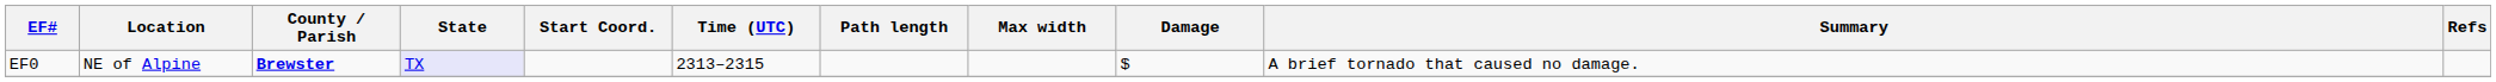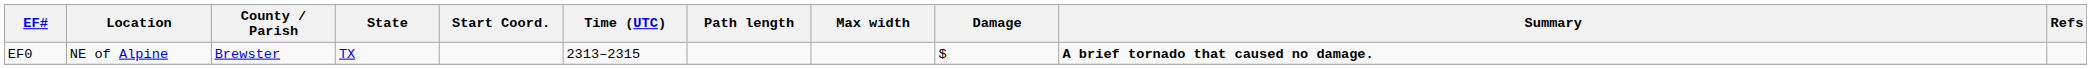 <table class="wikitable sortable" style="width:100%;">
 <tr>
 <th scope="col" width="3%" align="center"><a href='#'>EF#</a></th>
 <th scope="col" width="7%" align="center" class="unsortable">Location</th>
 <th scope="col" width="6%" align="center" class="unsortable">County / Parish</th>
 <th scope="col" width="5%" align="center">State</th>
 <th scope="col" width="6%" align="center">Start Coord.</th>
 <th scope="col" width="6%" align="center">Time (<a href='#'>UTC</a>)</th>
 <th scope="col" width="6%" align="center">Path length</th>
 <th scope="col" width="6%" align="center">Max width</th>
 <th scope="col" width="6%" align="center">Damage</th>
 <th scope="col" width="48%" class="unsortable" align="center">Summary</th>
 <th scope="col" width="48%" class="unsortable" align="center">Refs</th>
 </tr>
 <tr>
 <td>EF0</td>
 <td>NE of <a href='#'>Alpine</a></td>
-<td><strong><a href='#'>Brewster</a></strong></td>
-<td style="background: lavender;"><a href='#'>TX</a></td>
+<td><a href='#'>Brewster</a></td>
+<td><a href='#'>TX</a></td>
 <td></td>
 <td>2313–2315</td>
 <td></td>
 <td></td>
 <td>$</td>
-<td>A brief tornado that caused no damage.</td>
+<td><strong>A brief tornado that caused no damage.</strong></td>
 <td></td>
 </tr>
 <tr>
 </tr>
 </table>
